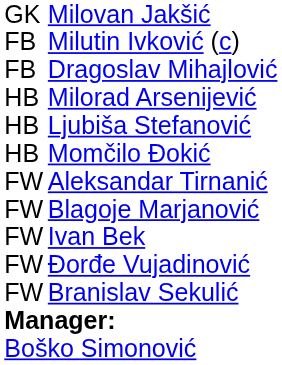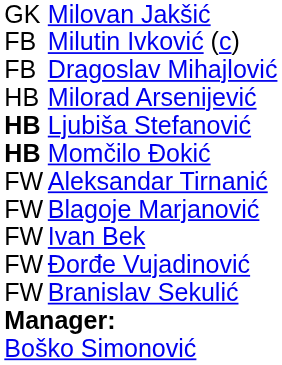 <table cellspacing="0" cellpadding="0" style="font-size:90%; margin:auto">
 <tr>
 <th width=25></th>
 </tr>
 <tr>
 <td>GK</td>
 <td><a href='#'>Milovan Jakšić</a></td>
 </tr>
 <tr>
 <td>FB</td>
 <td><a href='#'>Milutin Ivković</a> (<a href='#'>c</a>)</td>
 </tr>
 <tr>
 <td>FB</td>
 <td><a href='#'>Dragoslav Mihajlović</a></td>
 </tr>
 <tr>
 <td>HB</td>
 <td><a href='#'>Milorad Arsenijević</a></td>
 </tr>
 <tr>
-<td>HB</td>
+<td><strong>HB</strong></td>
 <td><a href='#'>Ljubiša Stefanović</a></td>
 </tr>
 <tr>
-<td>HB</td>
+<td><strong>HB</strong></td>
 <td><a href='#'>Momčilo Đokić</a></td>
 </tr>
 <tr>
 <td>FW</td>
 <td><a href='#'>Aleksandar Tirnanić</a></td>
 </tr>
 <tr>
 <td>FW</td>
 <td><a href='#'>Blagoje Marjanović</a></td>
 </tr>
 <tr>
 <td>FW</td>
 <td><a href='#'>Ivan Bek</a></td>
 </tr>
 <tr>
 <td>FW</td>
 <td><a href='#'>Đorđe Vujadinović</a></td>
 </tr>
 <tr>
 <td>FW</td>
 <td><a href='#'>Branislav Sekulić</a></td>
 </tr>
 <tr>
 <td colspan=3><strong>Manager:</strong></td>
 </tr>
 <tr>
 <td colspan=4><a href='#'>Boško Simonović</a></td>
 </tr>
 </table>
